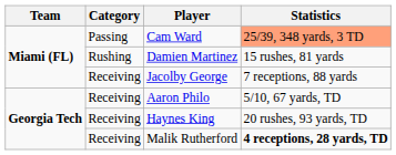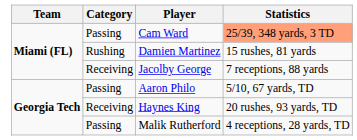 <table class="wikitable" style="float: right;">
 <tr>
 <th>Team</th>
 <th>Category</th>
 <th>Player</th>
 <th>Statistics</th>
 </tr>
 <tr>
 <td rowspan=3><strong>Miami (FL)</strong></td>
 <td>Passing</td>
 <td><a href='#'>Cam Ward</a></td>
 <td style="background: lightsalmon;">25/39, 348 yards, 3 TD</td>
 </tr>
 <tr>
 <td>Rushing</td>
 <td><a href='#'>Damien Martinez</a></td>
 <td>15 rushes, 81 yards</td>
 </tr>
 <tr>
 <td>Receiving</td>
 <td><a href='#'>Jacolby George</a></td>
 <td>7 receptions, 88 yards</td>
 </tr>
 <tr>
 <td rowspan=3><strong>Georgia Tech</strong></td>
-<td>Receiving</td>
+<td>Passing</td>
 <td><a href='#'>Aaron Philo</a></td>
 <td>5/10, 67 yards, TD</td>
 </tr>
 <tr>
 <td>Receiving</td>
 <td><a href='#'>Haynes King</a></td>
 <td>20 rushes, 93 yards, TD</td>
 </tr>
 <tr>
-<td>Receiving</td>
+<td>Passing</td>
 <td>Malik Rutherford</td>
-<td><strong>4 receptions, 28 yards, TD</strong></td>
+<td>4 receptions, 28 yards, TD</td>
 </tr>
 </table>
